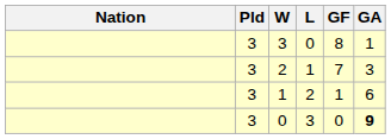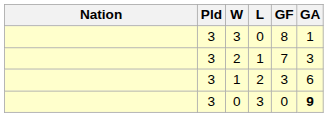 <table class=wikitable style="text-align:center">
 <tr>
 <th width=220>Nation</th>
 <th width=20>Pld</th>
 <th width=20>W</th>
 <th width=20>L</th>
 <th width=20>GF</th>
 <th width=20>GA</th>
 </tr>
 <tr bgcolor=#ffffcc>
 <td align=left></td>
 <td>3</td>
 <td>3</td>
 <td>0</td>
 <td>8</td>
 <td>1</td>
 </tr>
 <tr bgcolor=#ffffcc>
 <td align=left></td>
 <td>3</td>
 <td>2</td>
 <td>1</td>
 <td>7</td>
 <td>3</td>
 </tr>
 <tr bgcolor=#ffffcc>
 <td align=left></td>
 <td>3</td>
 <td>1</td>
 <td>2</td>
-<td>1</td>
+<td>3</td>
 <td>6</td>
 </tr>
 <tr bgcolor=#ffffcc>
 <td align=left></td>
 <td>3</td>
 <td>0</td>
 <td>3</td>
 <td>0</td>
 <td><strong>9</strong></td>
 </tr>
 </table>
